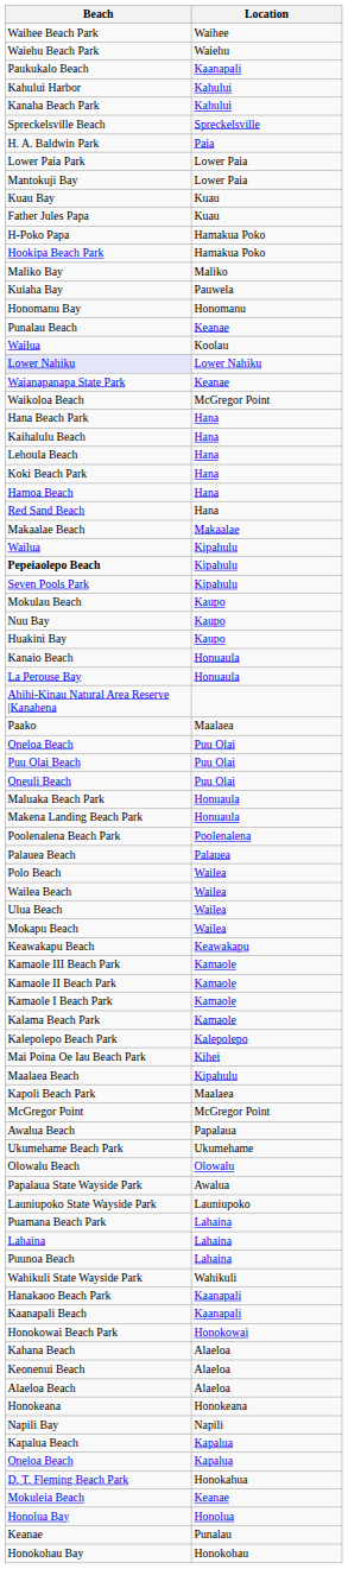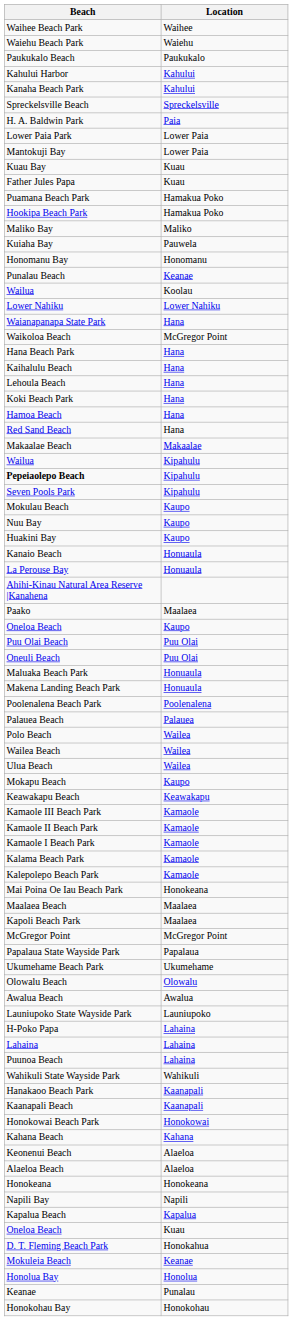 <table class="wikitable sortable collapsible collapsed">
 <tr align="center" bgcolor="#D6D6D6">
 <th width="250"><strong>Beach</strong></th>
 <th width="200"><strong>Location</strong></th>
 </tr>
 <tr>
 <td>Waihee Beach Park</td>
 <td>Waihee</td>
 </tr>
 <tr>
 <td>Waiehu Beach Park</td>
 <td>Waiehu</td>
 </tr>
 <tr>
 <td>Paukukalo Beach</td>
-<td><a href='#'>Kaanapali</a></td>
+<td>Paukukalo</td>
 </tr>
 <tr>
 <td>Kahului Harbor</td>
 <td><a href='#'>Kahului</a></td>
 </tr>
 <tr>
 <td>Kanaha Beach Park</td>
 <td><a href='#'>Kahului</a></td>
 </tr>
 <tr>
 <td>Spreckelsville Beach</td>
 <td><a href='#'>Spreckelsville</a></td>
 </tr>
 <tr>
 <td>H. A. Baldwin Park</td>
 <td><a href='#'>Paia</a></td>
 </tr>
 <tr>
 <td>Lower Paia Park</td>
 <td>Lower Paia</td>
 </tr>
 <tr>
 <td>Mantokuji Bay</td>
 <td>Lower Paia</td>
 </tr>
 <tr>
 <td>Kuau Bay</td>
 <td>Kuau</td>
 </tr>
 <tr>
 <td>Father Jules Papa</td>
 <td>Kuau</td>
 </tr>
 <tr>
-<td>H-Poko Papa</td>
+<td>Puamana Beach Park</td>
 <td>Hamakua Poko</td>
 </tr>
 <tr>
 <td><a href='#'>Hookipa Beach Park</a></td>
 <td>Hamakua Poko</td>
 </tr>
 <tr>
 <td>Maliko Bay</td>
 <td>Maliko</td>
 </tr>
 <tr>
 <td>Kuiaha Bay</td>
 <td>Pauwela</td>
 </tr>
 <tr>
 <td>Honomanu Bay</td>
 <td>Honomanu</td>
 </tr>
 <tr>
 <td>Punalau Beach</td>
 <td><a href='#'>Keanae</a></td>
 </tr>
 <tr>
 <td><a href='#'>Wailua</a></td>
 <td>Koolau</td>
 </tr>
 <tr>
-<td style="background: lavender;"><a href='#'>Lower Nahiku</a></td>
+<td><a href='#'>Lower Nahiku</a></td>
 <td><a href='#'>Lower Nahiku</a></td>
 </tr>
 <tr>
 <td><a href='#'>Waianapanapa State Park</a></td>
-<td><a href='#'>Keanae</a></td>
+<td><a href='#'>Hana</a></td>
 </tr>
 <tr>
 <td>Waikoloa Beach</td>
 <td>McGregor Point</td>
 </tr>
 <tr>
 <td>Hana Beach Park</td>
 <td><a href='#'>Hana</a></td>
 </tr>
 <tr>
 <td>Kaihalulu Beach</td>
 <td><a href='#'>Hana</a></td>
 </tr>
 <tr>
 <td>Lehoula Beach</td>
 <td><a href='#'>Hana</a></td>
 </tr>
 <tr>
 <td>Koki Beach Park</td>
 <td><a href='#'>Hana</a></td>
 </tr>
 <tr>
 <td><a href='#'>Hamoa Beach</a></td>
 <td><a href='#'>Hana</a></td>
 </tr>
 <tr>
 <td><a href='#'>Red Sand Beach</a></td>
 <td>Hana</td>
 </tr>
 <tr>
 <td>Makaalae Beach</td>
 <td><a href='#'>Makaalae</a></td>
 </tr>
 <tr>
 <td><a href='#'>Wailua</a></td>
 <td><a href='#'>Kipahulu</a></td>
 </tr>
 <tr>
 <td><strong>Pepeiaolepo Beach</strong></td>
 <td><a href='#'>Kipahulu</a></td>
 </tr>
 <tr>
 <td><a href='#'>Seven Pools Park</a></td>
 <td><a href='#'>Kipahulu</a></td>
 </tr>
 <tr>
 <td>Mokulau Beach</td>
 <td><a href='#'>Kaupo</a></td>
 </tr>
 <tr>
 <td>Nuu Bay</td>
 <td><a href='#'>Kaupo</a></td>
 </tr>
 <tr>
 <td>Huakini Bay</td>
 <td><a href='#'>Kaupo</a></td>
 </tr>
 <tr>
 <td>Kanaio Beach</td>
 <td><a href='#'>Honuaula</a></td>
 </tr>
 <tr>
 <td><a href='#'>La Perouse Bay</a></td>
 <td><a href='#'>Honuaula</a></td>
 </tr>
 <tr>
 <td><a href='#'>Ahihi-Kinau Natural Area Reserve |Kanahena</a></td>
 </tr>
 <tr>
 <td>Paako</td>
 <td>Maalaea</td>
 </tr>
 <tr>
 <td><a href='#'>Oneloa Beach</a></td>
-<td><a href='#'>Puu Olai</a></td>
+<td><a href='#'>Kaupo</a></td>
 </tr>
 <tr>
 <td><a href='#'>Puu Olai Beach</a></td>
 <td><a href='#'>Puu Olai</a></td>
 </tr>
 <tr>
 <td><a href='#'>Oneuli Beach</a></td>
 <td><a href='#'>Puu Olai</a></td>
 </tr>
 <tr>
 <td>Maluaka Beach Park</td>
 <td><a href='#'>Honuaula</a></td>
 </tr>
 <tr>
 <td>Makena Landing Beach Park</td>
 <td><a href='#'>Honuaula</a></td>
 </tr>
 <tr>
 <td>Poolenalena Beach Park</td>
 <td><a href='#'>Poolenalena</a></td>
 </tr>
 <tr>
 <td>Palauea Beach</td>
 <td><a href='#'>Palauea</a></td>
 </tr>
 <tr>
 <td>Polo Beach</td>
 <td><a href='#'>Wailea</a></td>
 </tr>
 <tr>
 <td>Wailea Beach</td>
 <td><a href='#'>Wailea</a></td>
 </tr>
 <tr>
 <td>Ulua Beach</td>
 <td><a href='#'>Wailea</a></td>
 </tr>
 <tr>
 <td>Mokapu Beach</td>
-<td><a href='#'>Wailea</a></td>
+<td><a href='#'>Kaupo</a></td>
 </tr>
 <tr>
 <td>Keawakapu Beach</td>
 <td><a href='#'>Keawakapu</a></td>
 </tr>
 <tr>
 <td>Kamaole III Beach Park</td>
 <td><a href='#'>Kamaole</a></td>
 </tr>
 <tr>
 <td>Kamaole II Beach Park</td>
 <td><a href='#'>Kamaole</a></td>
 </tr>
 <tr>
 <td>Kamaole I Beach Park</td>
 <td><a href='#'>Kamaole</a></td>
 </tr>
 <tr>
 <td>Kalama Beach Park</td>
 <td><a href='#'>Kamaole</a></td>
 </tr>
 <tr>
 <td>Kalepolepo Beach Park</td>
-<td><a href='#'>Kalepolepo</a></td>
+<td><a href='#'>Kamaole</a></td>
 </tr>
 <tr>
 <td>Mai Poina Oe Iau Beach Park</td>
-<td><a href='#'>Kihei</a></td>
+<td>Honokeana</td>
 </tr>
 <tr>
 <td>Maalaea Beach</td>
-<td><a href='#'>Kipahulu</a></td>
+<td>Maalaea</td>
 </tr>
 <tr>
 <td>Kapoli Beach Park</td>
 <td>Maalaea</td>
 </tr>
 <tr>
 <td>McGregor Point</td>
 <td>McGregor Point</td>
 </tr>
 <tr>
-<td>Awalua Beach</td>
+<td>Papalaua State Wayside Park</td>
 <td>Papalaua</td>
 </tr>
 <tr>
 <td>Ukumehame Beach Park</td>
 <td>Ukumehame</td>
 </tr>
 <tr>
 <td>Olowalu Beach</td>
 <td><a href='#'>Olowalu</a></td>
 </tr>
 <tr>
-<td>Papalaua State Wayside Park</td>
+<td>Awalua Beach</td>
 <td>Awalua</td>
 </tr>
 <tr>
 <td>Launiupoko State Wayside Park</td>
 <td>Launiupoko</td>
 </tr>
 <tr>
-<td>Puamana Beach Park</td>
+<td>H-Poko Papa</td>
 <td><a href='#'>Lahaina</a></td>
 </tr>
 <tr>
 <td><a href='#'>Lahaina</a></td>
 <td><a href='#'>Lahaina</a></td>
 </tr>
 <tr>
 <td>Puunoa Beach</td>
 <td><a href='#'>Lahaina</a></td>
 </tr>
 <tr>
 <td>Wahikuli State Wayside Park</td>
 <td>Wahikuli</td>
 </tr>
 <tr>
 <td>Hanakaoo Beach Park</td>
 <td><a href='#'>Kaanapali</a></td>
 </tr>
 <tr>
 <td>Kaanapali Beach</td>
 <td><a href='#'>Kaanapali</a></td>
 </tr>
 <tr>
 <td>Honokowai Beach Park</td>
 <td><a href='#'>Honokowai</a></td>
 </tr>
 <tr>
 <td>Kahana Beach</td>
-<td>Alaeloa</td>
+<td><a href='#'>Kahana</a></td>
 </tr>
 <tr>
 <td>Keonenui Beach</td>
 <td>Alaeloa</td>
 </tr>
 <tr>
 <td>Alaeloa Beach</td>
 <td>Alaeloa</td>
 </tr>
 <tr>
 <td>Honokeana</td>
 <td>Honokeana</td>
 </tr>
 <tr>
 <td>Napili Bay</td>
 <td>Napili</td>
 </tr>
 <tr>
 <td>Kapalua Beach</td>
 <td><a href='#'>Kapalua</a></td>
 </tr>
 <tr>
 <td><a href='#'>Oneloa Beach</a></td>
-<td><a href='#'>Kapalua</a></td>
+<td>Kuau</td>
 </tr>
 <tr>
 <td><a href='#'>D. T. Fleming Beach Park</a></td>
 <td>Honokahua</td>
 </tr>
 <tr>
 <td><a href='#'>Mokuleia Beach</a></td>
 <td><a href='#'>Keanae</a></td>
 </tr>
 <tr>
 <td><a href='#'>Honolua Bay</a></td>
 <td><a href='#'>Honolua</a></td>
 </tr>
 <tr>
 <td>Keanae</td>
 <td>Punalau</td>
 </tr>
 <tr>
 <td>Honokohau Bay</td>
 <td>Honokohau</td>
 </tr>
 </table>
